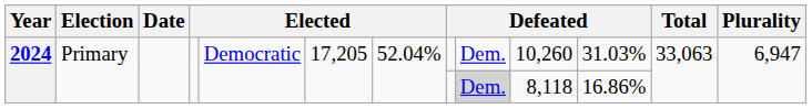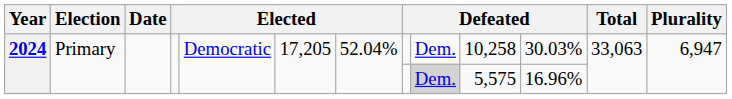 <table class="wikitable">
 <tr>
 <th>Year</th>
 <th>Election</th>
 <th>Date</th>
 <th colspan="4">Elected</th>
 <th colspan="4">Defeated</th>
 <th>Total</th>
 <th>Plurality</th>
 </tr>
 <tr>
 <th rowspan="2" valign="top"><a href='#'>2024</a></th>
 <td rowspan="2" valign="top">Primary</td>
 <td rowspan="2" valign="top"></td>
 <td rowspan="2" valign="top"></td>
 <td rowspan="2" valign="top" ><a href='#'>Democratic</a></td>
 <td rowspan="2" valign="top" align="right">17,205</td>
 <td rowspan="2" valign="top" align="right">52.04%</td>
 <td valign="top"></td>
 <td valign="top" ><a href='#'>Dem.</a></td>
-<td valign="top" align="right">10,260</td>
-<td valign="top" align="right">31.03%</td>
+<td valign="top" align="right">10,258</td>
+<td valign="top" align="right">30.03%</td>
 <td rowspan="2" valign="top" align="right">33,063</td>
 <td rowspan="2" valign="top" align="right">6,947</td>
 </tr>
 <tr>
 <td valign="top"></td>
 <td valign="top"  style="background: lightgrey;"><a href='#'>Dem.</a></td>
-<td valign="top" align="right">8,118</td>
-<td valign="top" align="right">16.86%</td>
+<td valign="top" align="right">5,575</td>
+<td valign="top" align="right">16.96%</td>
 </tr>
 </table>
